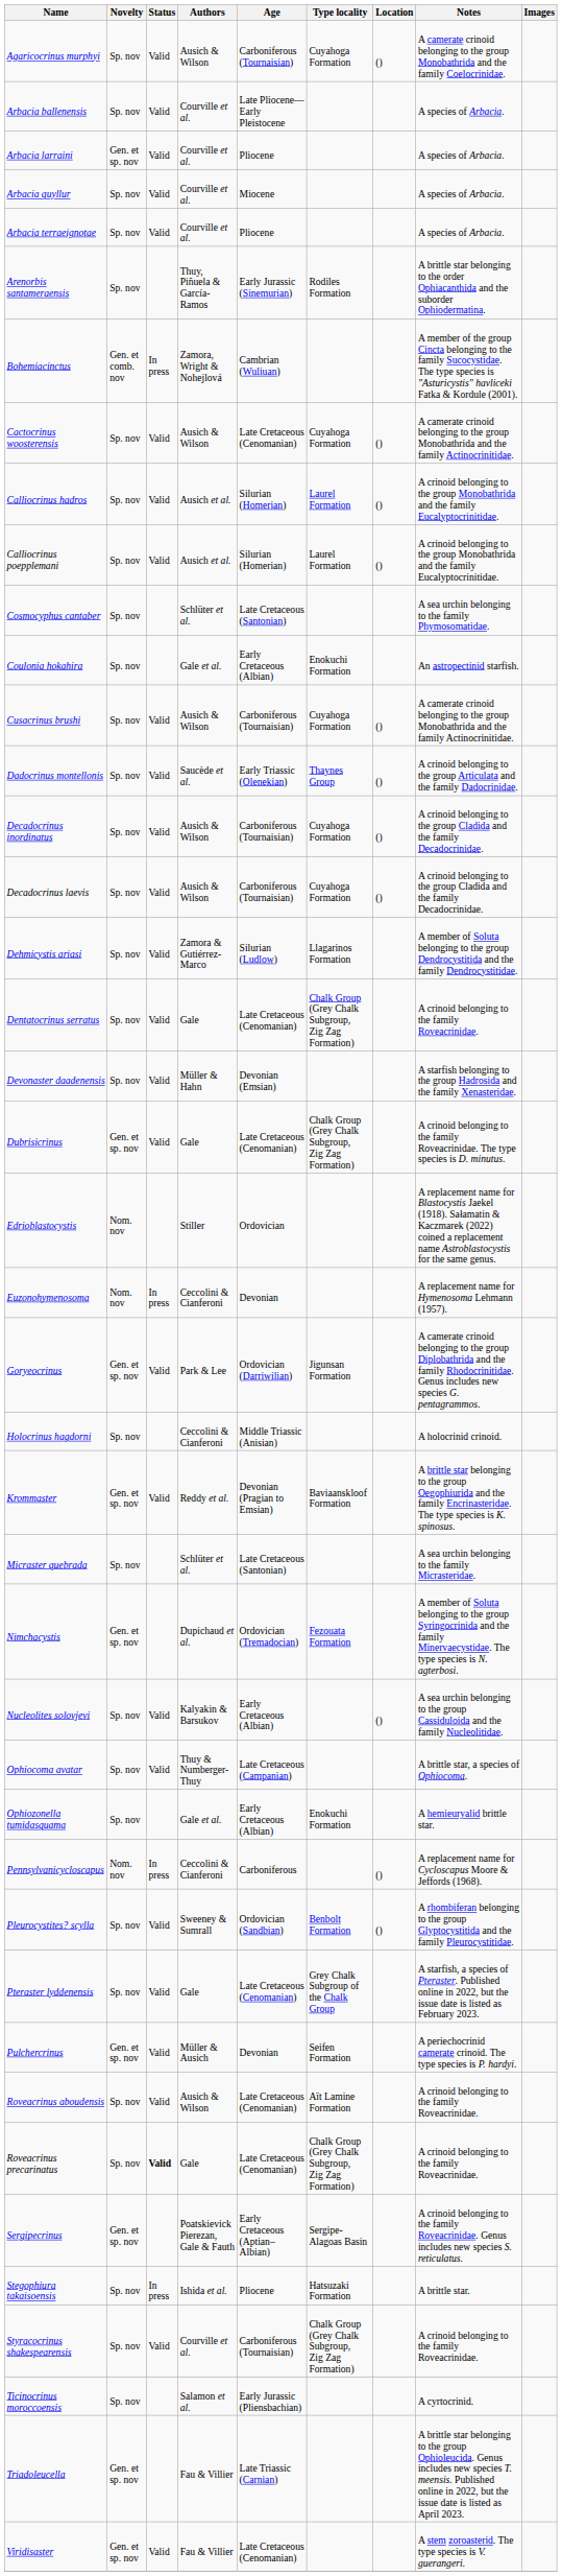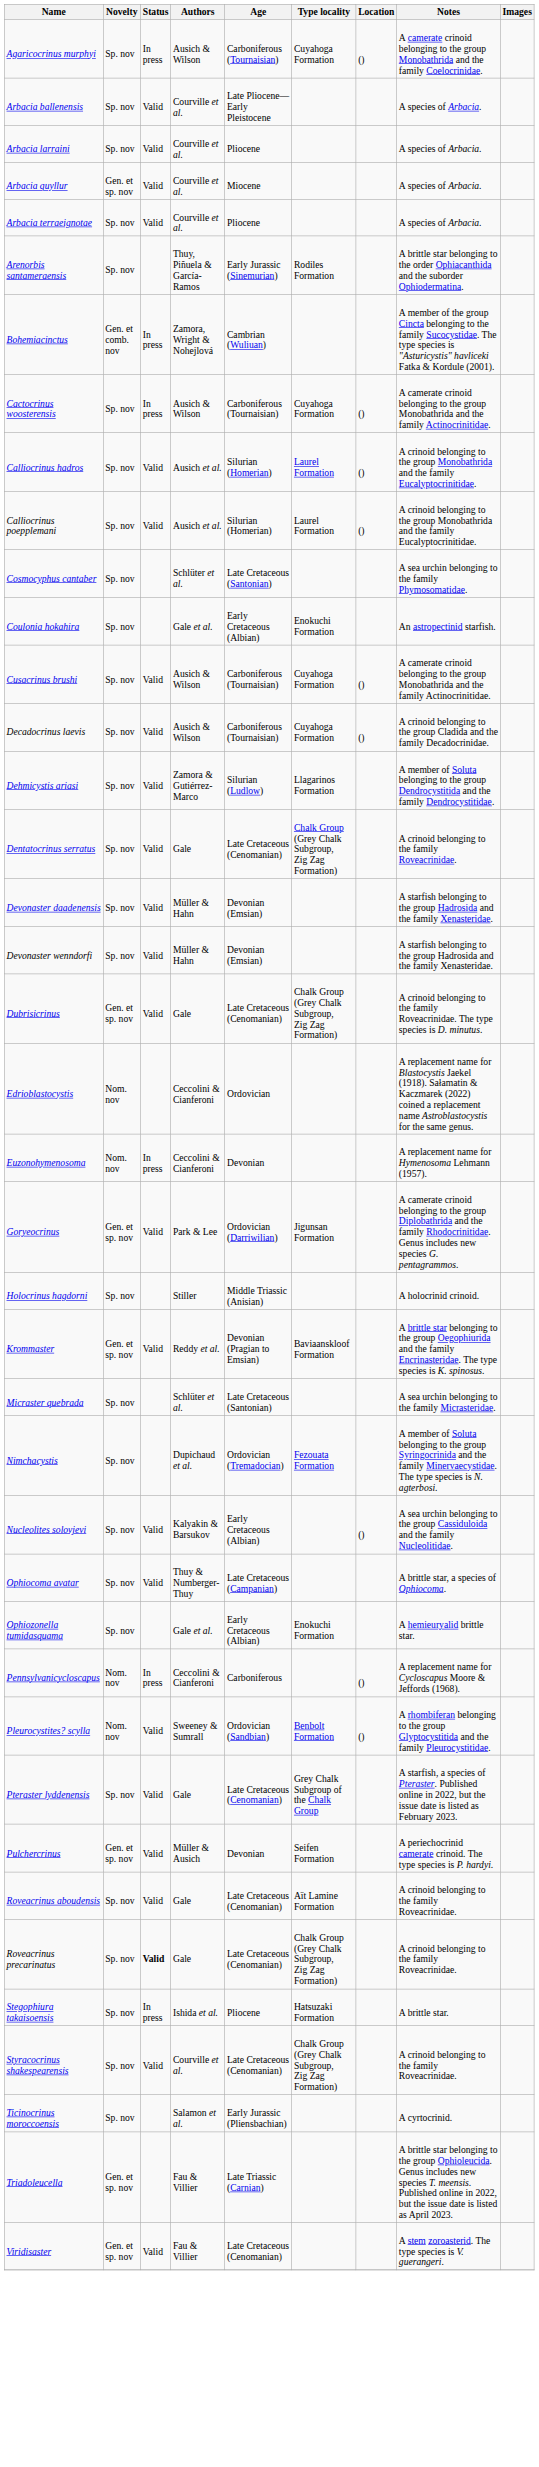 <table class="wikitable sortable" align="center" width="100%">
 <tr>
 <th>Name</th>
 <th>Novelty</th>
 <th>Status</th>
 <th>Authors</th>
 <th>Age</th>
 <th>Type locality</th>
 <th>Location</th>
 <th>Notes</th>
 <th>Images</th>
 </tr>
 <tr>
 <td><br><em><a href='#'>Agaricocrinus murphyi</a></em></td>
 <td><br>Sp. nov</td>
-<td><br>Valid</td>
+<td><br>In press</td>
 <td><br>Ausich & Wilson</td>
 <td><br>Carboniferous (<a href='#'>Tournaisian</a>)</td>
 <td><br>Cuyahoga Formation</td>
 <td><br><br>()</td>
 <td><br>A <a href='#'>camerate</a> crinoid belonging to the group <a href='#'>Monobathrida</a> and the family <a href='#'>Coelocrinidae</a>.</td>
 <td></td>
 </tr>
 <tr>
 <td><br><em><a href='#'>Arbacia ballenensis</a></em></td>
 <td><br>Sp. nov</td>
 <td><br>Valid</td>
 <td><br>Courville <em>et al.</em></td>
 <td><br>Late Pliocene—Early Pleistocene</td>
 <td></td>
 <td><br></td>
 <td><br>A species of <em><a href='#'>Arbacia</a></em>.</td>
 <td></td>
 </tr>
 <tr>
 <td><br><em><a href='#'>Arbacia larraini</a></em></td>
-<td><br>Gen. et sp. nov</td>
+<td><br>Sp. nov</td>
 <td><br>Valid</td>
 <td><br>Courville <em>et al.</em></td>
 <td><br>Pliocene</td>
 <td></td>
 <td><br></td>
 <td><br>A species of <em>Arbacia</em>.</td>
 <td></td>
 </tr>
 <tr>
 <td><br><em><a href='#'>Arbacia quyllur</a></em></td>
-<td><br>Sp. nov</td>
+<td><br>Gen. et sp. nov</td>
 <td><br>Valid</td>
 <td><br>Courville <em>et al.</em></td>
 <td><br>Miocene</td>
 <td></td>
 <td><br></td>
 <td><br>A species of <em>Arbacia</em>.</td>
 <td></td>
 </tr>
 <tr>
 <td><br><em><a href='#'>Arbacia terraeignotae</a></em></td>
 <td><br>Sp. nov</td>
 <td><br>Valid</td>
 <td><br>Courville <em>et al.</em></td>
 <td><br>Pliocene</td>
 <td></td>
 <td><br></td>
 <td><br>A species of <em>Arbacia</em>.</td>
 <td></td>
 </tr>
 <tr>
 <td><br><em><a href='#'>Arenorbis santameraensis</a></em></td>
 <td><br>Sp. nov</td>
 <td></td>
 <td><br>Thuy, Piñuela & García-Ramos</td>
 <td><br>Early Jurassic (<a href='#'>Sinemurian</a>)</td>
 <td><br>Rodiles Formation</td>
 <td><br></td>
 <td><br>A brittle star belonging to the order <a href='#'>Ophiacanthida</a> and the suborder <a href='#'>Ophiodermatina</a>.</td>
 <td></td>
 </tr>
 <tr>
 <td><br><em><a href='#'>Bohemiacinctus</a></em></td>
 <td><br>Gen. et comb. nov</td>
 <td><br>In press</td>
 <td><br>Zamora, Wright & Nohejlová</td>
 <td><br>Cambrian (<a href='#'>Wuliuan</a>)</td>
 <td></td>
 <td><br></td>
 <td><br>A member of the group <a href='#'>Cincta</a> belonging to the family <a href='#'>Sucocystidae</a>. The type species is <em>"Asturicystis" havliceki</em> Fatka & Kordule (2001).</td>
 <td></td>
 </tr>
 <tr>
 <td><br><em><a href='#'>Cactocrinus woosterensis</a></em></td>
 <td><br>Sp. nov</td>
-<td><br>Valid</td>
+<td><br>In press</td>
 <td><br>Ausich & Wilson</td>
-<td><br>Late Cretaceous (Cenomanian)</td>
+<td><br>Carboniferous (Tournaisian)</td>
 <td><br>Cuyahoga Formation</td>
 <td><br><br>()</td>
 <td><br>A camerate crinoid belonging to the group Monobathrida and the family <a href='#'>Actinocrinitidae</a>.</td>
 <td></td>
 </tr>
 <tr>
 <td><br><em><a href='#'>Calliocrinus hadros</a></em></td>
 <td><br>Sp. nov</td>
 <td><br>Valid</td>
 <td><br>Ausich <em>et al.</em></td>
 <td><br>Silurian (<a href='#'>Homerian</a>)</td>
 <td><br><a href='#'>Laurel Formation</a></td>
 <td><br><br>()</td>
 <td><br>A crinoid belonging to the group <a href='#'>Monobathrida</a> and the family <a href='#'>Eucalyptocrinitidae</a>.</td>
 <td></td>
 </tr>
 <tr>
 <td><br><em>Calliocrinus poepplemani</em></td>
 <td><br>Sp. nov</td>
 <td><br>Valid</td>
 <td><br>Ausich <em>et al.</em></td>
 <td><br>Silurian (Homerian)</td>
 <td><br>Laurel Formation</td>
 <td><br><br>()</td>
 <td><br>A crinoid belonging to the group Monobathrida and the family Eucalyptocrinitidae.</td>
 <td></td>
 </tr>
 <tr>
 <td><br><em><a href='#'>Cosmocyphus cantaber</a></em></td>
 <td><br>Sp. nov</td>
 <td></td>
 <td><br>Schlüter <em>et al.</em></td>
 <td><br>Late Cretaceous (<a href='#'>Santonian</a>)</td>
 <td></td>
 <td><br></td>
 <td><br>A sea urchin belonging to the family <a href='#'>Phymosomatidae</a>.</td>
 <td></td>
 </tr>
 <tr>
 <td><br><em><a href='#'>Coulonia hokahira</a></em></td>
 <td><br>Sp. nov</td>
 <td></td>
 <td><br>Gale <em>et al.</em></td>
 <td><br>Early Cretaceous (Albian)</td>
 <td><br>Enokuchi Formation</td>
 <td><br></td>
 <td><br>An <a href='#'>astropectinid</a> starfish.</td>
 <td></td>
 </tr>
 <tr>
 <td><br><em><a href='#'>Cusacrinus brushi</a></em></td>
 <td><br>Sp. nov</td>
 <td><br>Valid</td>
 <td><br>Ausich & Wilson</td>
 <td><br>Carboniferous (Tournaisian)</td>
 <td><br>Cuyahoga Formation</td>
 <td><br><br>()</td>
 <td><br>A camerate crinoid belonging to the group Monobathrida and the family Actinocrinitidae.</td>
 <td></td>
 </tr>
 <tr>
-<td><br><em><a href='#'>Dadocrinus montellonis</a></em></td>
-<td><br>Sp. nov</td>
-<td><br>Valid</td>
-<td><br>Saucède <em>et al.</em></td>
-<td><br>Early Triassic (<a href='#'>Olenekian</a>)</td>
-<td><br><a href='#'>Thaynes Group</a></td>
-<td><br><br>()</td>
-<td><br>A crinoid belonging to the group <a href='#'>Articulata</a> and the family <a href='#'>Dadocrinidae</a>.</td>
-<td></td>
-</tr>
-<tr>
-<td><br><em><a href='#'>Decadocrinus inordinatus</a></em></td>
-<td><br>Sp. nov</td>
-<td><br>Valid</td>
-<td><br>Ausich & Wilson</td>
-<td><br>Carboniferous (Tournaisian)</td>
-<td><br>Cuyahoga Formation</td>
-<td><br><br>()</td>
-<td><br>A crinoid belonging to the group <a href='#'>Cladida</a> and the family <a href='#'>Decadocrinidae</a>.</td>
-<td></td>
-</tr>
-<tr>
 <td><br><em>Decadocrinus laevis</em></td>
 <td><br>Sp. nov</td>
 <td><br>Valid</td>
 <td><br>Ausich & Wilson</td>
 <td><br>Carboniferous (Tournaisian)</td>
 <td><br>Cuyahoga Formation</td>
 <td><br><br>()</td>
 <td><br>A crinoid belonging to the group Cladida and the family Decadocrinidae.</td>
 <td></td>
 </tr>
 <tr>
 <td><br><em><a href='#'>Dehmicystis ariasi</a></em></td>
 <td><br>Sp. nov</td>
 <td><br>Valid</td>
 <td><br>Zamora & Gutiérrez-Marco</td>
 <td><br>Silurian (<a href='#'>Ludlow</a>)</td>
 <td><br>Llagarinos Formation</td>
 <td><br></td>
 <td><br>A member of <a href='#'>Soluta</a> belonging to the group <a href='#'>Dendrocystitida</a> and the family <a href='#'>Dendrocystitidae</a>.</td>
 <td></td>
 </tr>
 <tr>
 <td><br><em><a href='#'>Dentatocrinus serratus</a></em></td>
 <td><br>Sp. nov</td>
 <td><br>Valid</td>
 <td><br>Gale</td>
 <td><br>Late Cretaceous (Cenomanian)</td>
 <td><br><a href='#'>Chalk Group</a><br>(Grey Chalk Subgroup,<br>Zig Zag Formation)</td>
 <td><br></td>
 <td><br>A crinoid belonging to the family <a href='#'>Roveacrinidae</a>.</td>
 <td></td>
 </tr>
 <tr>
 <td><br><em><a href='#'>Devonaster daadenensis</a></em></td>
 <td><br>Sp. nov</td>
 <td><br>Valid</td>
 <td><br>Müller & Hahn</td>
 <td><br>Devonian (Emsian)</td>
 <td></td>
 <td><br></td>
 <td><br>A starfish belonging to the group <a href='#'>Hadrosida</a> and the family <a href='#'>Xenasteridae</a>.</td>
 <td></td>
 </tr>
 <tr>
+<td><br><em>Devonaster wenndorfi</em></td>
+<td><br>Sp. nov</td>
+<td><br>Valid</td>
+<td><br>Müller & Hahn</td>
+<td><br>Devonian (Emsian)</td>
+<td></td>
+<td><br></td>
+<td><br>A starfish belonging to the group Hadrosida and the family Xenasteridae.</td>
+<td></td>
+</tr>
+<tr>
 <td><br><em><a href='#'>Dubrisicrinus</a></em></td>
 <td><br>Gen. et sp. nov</td>
 <td><br>Valid</td>
 <td><br>Gale</td>
 <td><br>Late Cretaceous (Cenomanian)</td>
 <td><br>Chalk Group<br>(Grey Chalk Subgroup,<br>Zig Zag Formation)</td>
 <td><br></td>
 <td><br>A crinoid belonging to the family Roveacrinidae. The type species is <em>D. minutus</em>.</td>
 <td></td>
 </tr>
 <tr>
 <td><br><em><a href='#'>Edrioblastocystis</a></em></td>
 <td><br>Nom. nov</td>
 <td></td>
-<td><br>Stiller</td>
+<td><br>Ceccolini & Cianferoni</td>
 <td><br>Ordovician</td>
 <td></td>
 <td><br></td>
 <td><br>A replacement name for <em>Blastocystis</em> Jaekel (1918). Sałamatin & Kaczmarek (2022) coined a replacement name <em>Astroblastocystis</em> for the same genus.</td>
 <td></td>
 </tr>
 <tr>
 <td><br><em><a href='#'>Euzonohymenosoma</a></em></td>
 <td><br>Nom. nov</td>
 <td><br>In press</td>
 <td><br>Ceccolini & Cianferoni</td>
 <td><br>Devonian</td>
 <td></td>
 <td><br></td>
 <td><br>A replacement name for <em>Hymenosoma</em> Lehmann (1957).</td>
 <td></td>
 </tr>
 <tr>
 <td><br><em><a href='#'>Goryeocrinus</a></em></td>
 <td><br>Gen. et sp. nov</td>
 <td><br>Valid</td>
 <td><br>Park & Lee</td>
 <td><br>Ordovician (<a href='#'>Darriwilian</a>)</td>
 <td><br>Jigunsan Formation</td>
 <td><br></td>
 <td><br>A camerate crinoid belonging to the group <a href='#'>Diplobathrida</a> and the family <a href='#'>Rhodocrinitidae</a>. Genus includes new species <em>G. pentagrammos</em>.</td>
 <td></td>
 </tr>
 <tr>
 <td><br><em><a href='#'>Holocrinus hagdorni</a></em></td>
 <td><br>Sp. nov</td>
 <td></td>
-<td><br>Ceccolini & Cianferoni</td>
+<td><br>Stiller</td>
 <td><br>Middle Triassic (Anisian)</td>
 <td></td>
 <td><br></td>
 <td><br>A holocrinid crinoid.</td>
 <td></td>
 </tr>
 <tr>
 <td><br><em><a href='#'>Krommaster</a></em></td>
 <td><br>Gen. et sp. nov</td>
 <td><br>Valid</td>
 <td><br>Reddy <em>et al.</em></td>
 <td><br>Devonian (Pragian to Emsian)</td>
 <td><br>Baviaanskloof Formation</td>
 <td><br></td>
 <td><br>A <a href='#'>brittle star</a> belonging to the group <a href='#'>Oegophiurida</a> and the family <a href='#'>Encrinasteridae</a>. The type species is <em>K. spinosus</em>.</td>
 <td></td>
 </tr>
 <tr>
 <td><br><em><a href='#'>Micraster quebrada</a></em></td>
 <td><br>Sp. nov</td>
 <td></td>
 <td><br>Schlüter <em>et al.</em></td>
 <td><br>Late Cretaceous (Santonian)</td>
 <td></td>
 <td><br></td>
 <td><br>A sea urchin belonging to the family <a href='#'>Micrasteridae</a>.</td>
 <td></td>
 </tr>
 <tr>
 <td><br><em><a href='#'>Nimchacystis</a></em></td>
-<td><br>Gen. et sp. nov</td>
+<td><br>Sp. nov</td>
 <td></td>
 <td><br>Dupichaud <em>et al.</em></td>
 <td><br>Ordovician (<a href='#'>Tremadocian</a>)</td>
 <td><br><a href='#'>Fezouata Formation</a></td>
 <td><br></td>
 <td><br>A member of <a href='#'>Soluta</a> belonging to the group <a href='#'>Syringocrinida</a> and the family <a href='#'>Minervaecystidae</a>. The type species is <em>N. agterbosi</em>.</td>
 <td></td>
 </tr>
 <tr>
 <td><br><em><a href='#'>Nucleolites solovjevi</a></em></td>
 <td><br>Sp. nov</td>
 <td><br>Valid</td>
 <td><br>Kalyakin & Barsukov</td>
 <td><br>Early Cretaceous (Albian)</td>
 <td></td>
 <td><br><br>()</td>
 <td><br>A sea urchin belonging to the group <a href='#'>Cassiduloida</a> and the family <a href='#'>Nucleolitidae</a>.</td>
 <td></td>
 </tr>
 <tr>
 <td><br><em><a href='#'>Ophiocoma avatar</a></em></td>
 <td><br>Sp. nov</td>
 <td><br>Valid</td>
 <td><br>Thuy & Numberger-Thuy</td>
 <td><br>Late Cretaceous (<a href='#'>Campanian</a>)</td>
 <td></td>
 <td><br></td>
 <td><br>A brittle star, a species of <em><a href='#'>Ophiocoma</a></em>.</td>
 <td></td>
 </tr>
 <tr>
 <td><br><em><a href='#'>Ophiozonella tumidasquama</a></em></td>
 <td><br>Sp. nov</td>
 <td></td>
 <td><br>Gale <em>et al.</em></td>
 <td><br>Early Cretaceous (Albian)</td>
 <td><br>Enokuchi Formation</td>
 <td><br></td>
 <td><br>A <a href='#'>hemieuryalid</a> brittle star.</td>
 <td></td>
 </tr>
 <tr>
 <td><br><em><a href='#'>Pennsylvanicycloscapus</a></em></td>
 <td><br>Nom. nov</td>
 <td><br>In press</td>
 <td><br>Ceccolini & Cianferoni</td>
 <td><br>Carboniferous</td>
 <td></td>
 <td><br><br>()</td>
 <td><br>A replacement name for <em>Cycloscapus</em> Moore & Jeffords (1968).</td>
 <td></td>
 </tr>
 <tr>
 <td><br><em><a href='#'>Pleurocystites? scylla</a></em></td>
-<td><br>Sp. nov</td>
+<td><br>Nom. nov</td>
 <td><br>Valid</td>
 <td><br>Sweeney & Sumrall</td>
 <td><br>Ordovician (<a href='#'>Sandbian</a>)</td>
 <td><br><a href='#'>Benbolt Formation</a></td>
 <td><br><br>()</td>
 <td><br>A <a href='#'>rhombiferan</a> belonging to the group <a href='#'>Glyptocystitida</a> and the family <a href='#'>Pleurocystitidae</a>.</td>
 <td></td>
 </tr>
 <tr>
 <td><br><em><a href='#'>Pteraster lyddenensis</a></em></td>
 <td><br>Sp. nov</td>
 <td><br>Valid</td>
 <td><br>Gale</td>
 <td><br>Late Cretaceous (<a href='#'>Cenomanian</a>)</td>
 <td><br>Grey Chalk Subgroup of the <a href='#'>Chalk Group</a></td>
 <td><br></td>
 <td><br>A starfish, a species of <em><a href='#'>Pteraster</a></em>. Published online in 2022, but the issue date is listed as February 2023.</td>
 <td></td>
 </tr>
 <tr>
 <td><br><em><a href='#'>Pulchercrinus</a></em></td>
 <td><br>Gen. et sp. nov</td>
 <td><br>Valid</td>
 <td><br>Müller & Ausich</td>
 <td><br>Devonian</td>
 <td><br>Seifen Formation</td>
 <td><br></td>
 <td><br>A periechocrinid <a href='#'>camerate</a> crinoid. The type species is <em>P. hardyi</em>.</td>
 <td></td>
 </tr>
 <tr>
 <td><br><em><a href='#'>Roveacrinus aboudensis</a></em></td>
 <td><br>Sp. nov</td>
 <td><br>Valid</td>
-<td><br>Ausich & Wilson</td>
+<td><br>Gale</td>
 <td><br>Late Cretaceous (Cenomanian)</td>
 <td><br>Aït Lamine Formation</td>
 <td><br><br> </td>
 <td><br>A crinoid belonging to the family Roveacrinidae.</td>
 <td></td>
 </tr>
 <tr>
 <td><br><em>Roveacrinus precarinatus</em></td>
 <td><br>Sp. nov</td>
 <td><strong><br>Valid</strong></td>
 <td><br>Gale</td>
 <td><br>Late Cretaceous (Cenomanian)</td>
 <td><br>Chalk Group<br>(Grey Chalk Subgroup,<br>Zig Zag Formation)</td>
 <td><br></td>
 <td><br>A crinoid belonging to the family Roveacrinidae.</td>
 <td></td>
 </tr>
 <tr>
-<td><br><em><a href='#'>Sergipecrinus</a></em></td>
-<td><br>Gen. et sp. nov</td>
-<td></td>
-<td><br>Poatskievick Pierezan, Gale & Fauth</td>
-<td><br>Early Cretaceous (Aptian–Albian)</td>
-<td><br>Sergipe-Alagoas Basin</td>
-<td><br></td>
-<td><br>A crinoid belonging to the family <a href='#'>Roveacrinidae</a>. Genus includes new species <em>S. reticulatus</em>.</td>
-<td></td>
-</tr>
-<tr>
 <td><br><em><a href='#'>Stegophiura takaisoensis</a></em></td>
 <td><br>Sp. nov</td>
 <td><br>In press</td>
 <td><br>Ishida <em>et al.</em></td>
 <td><br>Pliocene</td>
 <td><br>Hatsuzaki Formation</td>
 <td><br></td>
 <td><br>A brittle star.</td>
 <td></td>
 </tr>
 <tr>
 <td><br><em><a href='#'>Styracocrinus shakespearensis</a></em></td>
 <td><br>Sp. nov</td>
 <td><br>Valid</td>
 <td><br>Courville <em>et al.</em></td>
-<td><br>Carboniferous (Tournaisian)</td>
+<td><br>Late Cretaceous (Cenomanian)</td>
 <td><br>Chalk Group<br>(Grey Chalk Subgroup,<br>Zig Zag Formation)</td>
 <td><br></td>
 <td><br>A crinoid belonging to the family Roveacrinidae.</td>
 <td></td>
 </tr>
 <tr>
 <td><br><em><a href='#'>Ticinocrinus moroccoensis</a></em></td>
 <td><br>Sp. nov</td>
 <td></td>
 <td><br>Salamon <em>et al.</em></td>
 <td><br>Early Jurassic (Pliensbachian)</td>
 <td></td>
 <td><br></td>
 <td><br>A cyrtocrinid.</td>
 <td></td>
 </tr>
 <tr>
 <td><br><em><a href='#'>Triadoleucella</a></em></td>
 <td><br>Gen. et sp. nov</td>
 <td></td>
 <td><br>Fau & Villier</td>
 <td><br>Late Triassic (<a href='#'>Carnian</a>)</td>
 <td></td>
 <td><br></td>
 <td><br>A brittle star belonging to the group <a href='#'>Ophioleucida</a>. Genus includes new species <em>T. meensis</em>. Published online in 2022, but the issue date is listed as April 2023.</td>
 <td></td>
 </tr>
 <tr>
 <td><br><em><a href='#'>Viridisaster</a></em></td>
 <td><br>Gen. et sp. nov</td>
 <td><br>Valid</td>
 <td><br>Fau & Villier</td>
 <td><br>Late Cretaceous (Cenomanian)</td>
 <td></td>
 <td><br></td>
 <td><br>A <a href='#'>stem</a> <a href='#'>zoroasterid</a>. The type species is <em>V. guerangeri</em>.</td>
 <td></td>
 </tr>
 <tr>
 </tr>
 </table>
